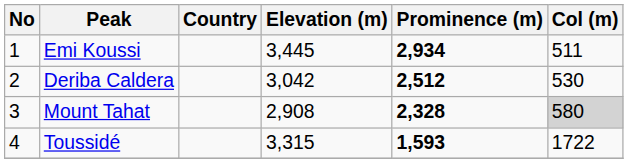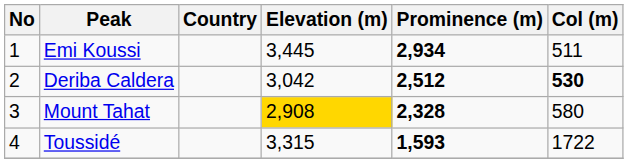 <table class="wikitable sortable">
 <tr>
 <th>No</th>
 <th>Peak</th>
 <th>Country</th>
 <th>Elevation (m)</th>
 <th>Prominence (m)</th>
 <th>Col (m)</th>
 </tr>
 <tr>
 <td>1</td>
 <td><a href='#'>Emi Koussi</a></td>
 <td></td>
 <td>3,445</td>
 <td><strong>2,934</strong></td>
 <td>511</td>
 </tr>
 <tr>
 <td>2</td>
 <td><a href='#'>Deriba Caldera</a></td>
 <td></td>
 <td>3,042</td>
 <td><strong>2,512</strong></td>
-<td>530</td>
+<td><strong>530</strong></td>
 </tr>
 <tr>
 <td>3</td>
 <td><a href='#'>Mount Tahat</a></td>
 <td></td>
-<td>2,908</td>
+<td style="background: gold;">2,908</td>
 <td><strong>2,328</strong></td>
-<td style="background: lightgrey;">580</td>
+<td>580</td>
 </tr>
 <tr>
 <td>4</td>
 <td><a href='#'>Toussidé</a></td>
 <td></td>
 <td>3,315</td>
 <td><strong>1,593</strong></td>
 <td>1722</td>
 </tr>
 <tr>
 </tr>
 </table>
